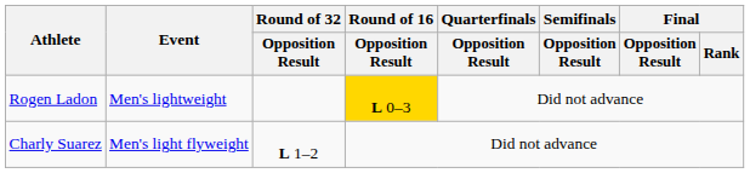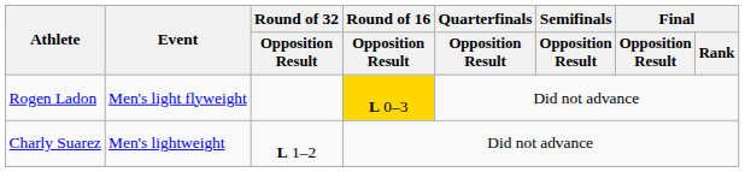 <table class="wikitable" style="font-size:90%">
 <tr>
 <th rowspan="2">Athlete</th>
 <th rowspan="2">Event</th>
 <th>Round of 32</th>
 <th>Round of 16</th>
 <th>Quarterfinals</th>
 <th>Semifinals</th>
 <th colspan=2>Final</th>
 </tr>
 <tr style="font-size:95%">
 <th>Opposition<br>Result</th>
 <th>Opposition<br>Result</th>
 <th>Opposition<br>Result</th>
 <th>Opposition<br>Result</th>
 <th>Opposition<br>Result</th>
 <th>Rank</th>
 </tr>
 <tr align=center>
 <td align=left><a href='#'>Rogen Ladon</a></td>
-<td align=left><a href='#'>Men's lightweight</a></td>
+<td align=left><a href='#'>Men's light flyweight</a></td>
 <td></td>
 <td style="background: gold;"><br><strong>L</strong> 0–3</td>
 <td colspan=4>Did not advance</td>
 </tr>
 <tr align=center>
 <td align=left><a href='#'>Charly Suarez</a></td>
-<td align=left><a href='#'>Men's light flyweight</a></td>
+<td align=left><a href='#'>Men's lightweight</a></td>
 <td><br><strong>L</strong> 1–2</td>
 <td colspan=5>Did not advance</td>
 </tr>
 </table>
